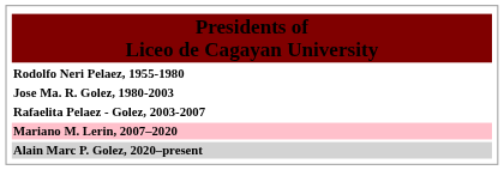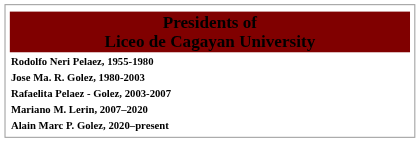 <table style="float:right; margin:1em 1em 1em 1em; width:24em; border: 1px solid #a0a0a0; padding: 2px; bg-color=yellow; text-align:right;">
 <tr style="text-align:center;">
 </tr>
 <tr bgcolor="maroon" align="center">
 <td><span><strong>Presidents of<br>Liceo de Cagayan University</strong></span></td>
 </tr>
 <tr style="text-align:left; font-size:x-small;">
 <td><strong>Rodolfo Neri Pelaez, 1955-1980</strong></td>
 </tr>
 <tr style="text-align:left; font-size:x-small;">
 <td><strong>Jose Ma. R. Golez, 1980-2003</strong></td>
 </tr>
 <tr style="text-align:left; font-size:x-small;">
 <td><strong>Rafaelita Pelaez - Golez, 2003-2007</strong></td>
 </tr>
 <tr style="text-align:left; font-size:x-small;">
-<td style="background: pink;"><strong>Mariano M. Lerin, 2007–2020</strong></td>
+<td><strong>Mariano M. Lerin, 2007–2020</strong></td>
 </tr>
 <tr style="text-align:left; font-size:x-small;">
-<td style="background: lightgrey;"><strong>Alain Marc P. Golez, 2020–present</strong></td>
+<td><strong>Alain Marc P. Golez, 2020–present</strong></td>
 </tr>
 </table>
